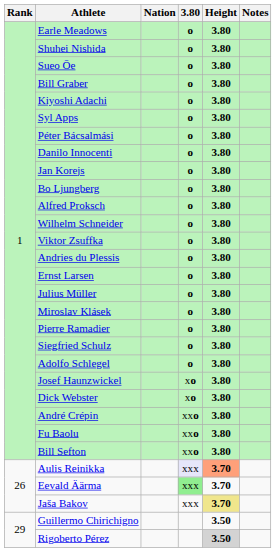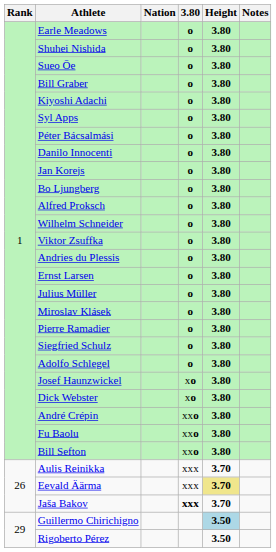 <table class="wikitable sortable" style="text-align:center">
 <tr>
 <th>Rank</th>
 <th>Athlete</th>
 <th>Nation</th>
 <th>3.80</th>
 <th>Height</th>
 <th>Notes</th>
 </tr>
 <tr bgcolor=bbf3bb>
 <td rowspan=25>1</td>
 <td align="left"><a href='#'>Earle Meadows</a></td>
 <td align="left"></td>
 <td><strong>o</strong></td>
 <td><strong>3.80</strong></td>
 <td></td>
 </tr>
 <tr bgcolor=bbf3bb>
 <td align="left"><a href='#'>Shuhei Nishida</a></td>
 <td align="left"></td>
 <td><strong>o</strong></td>
 <td><strong>3.80</strong></td>
 <td></td>
 </tr>
 <tr bgcolor=bbf3bb>
 <td align="left"><a href='#'>Sueo Ōe</a></td>
 <td align="left"></td>
 <td><strong>o</strong></td>
 <td><strong>3.80</strong></td>
 <td></td>
 </tr>
 <tr bgcolor=bbf3bb>
 <td align="left"><a href='#'>Bill Graber</a></td>
 <td align="left"></td>
 <td><strong>o</strong></td>
 <td><strong>3.80</strong></td>
 <td></td>
 </tr>
 <tr bgcolor=bbf3bb>
 <td align="left"><a href='#'>Kiyoshi Adachi</a></td>
 <td align="left"></td>
 <td><strong>o</strong></td>
 <td><strong>3.80</strong></td>
 <td></td>
 </tr>
 <tr bgcolor=bbf3bb>
 <td align="left"><a href='#'>Syl Apps</a></td>
 <td align="left"></td>
 <td><strong>o</strong></td>
 <td><strong>3.80</strong></td>
 <td></td>
 </tr>
 <tr bgcolor=bbf3bb>
 <td align="left"><a href='#'>Péter Bácsalmási</a></td>
 <td align="left"></td>
 <td><strong>o</strong></td>
 <td><strong>3.80</strong></td>
 <td></td>
 </tr>
 <tr bgcolor=bbf3bb>
 <td align="left"><a href='#'>Danilo Innocenti</a></td>
 <td align="left"></td>
 <td><strong>o</strong></td>
 <td><strong>3.80</strong></td>
 <td></td>
 </tr>
 <tr bgcolor=bbf3bb>
 <td align="left"><a href='#'>Jan Korejs</a></td>
 <td align="left"></td>
 <td><strong>o</strong></td>
 <td><strong>3.80</strong></td>
 <td></td>
 </tr>
 <tr bgcolor=bbf3bb>
 <td align="left"><a href='#'>Bo Ljungberg</a></td>
 <td align="left"></td>
 <td><strong>o</strong></td>
 <td><strong>3.80</strong></td>
 <td></td>
 </tr>
 <tr bgcolor=bbf3bb>
 <td align="left"><a href='#'>Alfred Proksch</a></td>
 <td align="left"></td>
 <td><strong>o</strong></td>
 <td><strong>3.80</strong></td>
 <td></td>
 </tr>
 <tr bgcolor=bbf3bb>
 <td align="left"><a href='#'>Wilhelm Schneider</a></td>
 <td align="left"></td>
 <td><strong>o</strong></td>
 <td><strong>3.80</strong></td>
 <td></td>
 </tr>
 <tr bgcolor=bbf3bb>
 <td align="left"><a href='#'>Viktor Zsuffka</a></td>
 <td align="left"></td>
 <td><strong>o</strong></td>
 <td><strong>3.80</strong></td>
 <td></td>
 </tr>
 <tr bgcolor=bbf3bb>
 <td align="left"><a href='#'>Andries du Plessis</a></td>
 <td align="left"></td>
 <td><strong>o</strong></td>
 <td><strong>3.80</strong></td>
 <td></td>
 </tr>
 <tr bgcolor=bbf3bb>
 <td align="left"><a href='#'>Ernst Larsen</a></td>
 <td align="left"></td>
 <td><strong>o</strong></td>
 <td><strong>3.80</strong></td>
 <td></td>
 </tr>
 <tr bgcolor=bbf3bb>
 <td align="left"><a href='#'>Julius Müller</a></td>
 <td align="left"></td>
 <td><strong>o</strong></td>
 <td><strong>3.80</strong></td>
 <td></td>
 </tr>
 <tr bgcolor=bbf3bb>
 <td align="left"><a href='#'>Miroslav Klásek</a></td>
 <td align="left"></td>
 <td><strong>o</strong></td>
 <td><strong>3.80</strong></td>
 <td></td>
 </tr>
 <tr bgcolor=bbf3bb>
 <td align="left"><a href='#'>Pierre Ramadier</a></td>
 <td align="left"></td>
 <td><strong>o</strong></td>
 <td><strong>3.80</strong></td>
 <td></td>
 </tr>
 <tr bgcolor=bbf3bb>
 <td align="left"><a href='#'>Siegfried Schulz</a></td>
 <td align="left"></td>
 <td><strong>o</strong></td>
 <td><strong>3.80</strong></td>
 <td></td>
 </tr>
 <tr bgcolor=bbf3bb>
 <td align="left"><a href='#'>Adolfo Schlegel</a></td>
 <td align="left"></td>
 <td><strong>o</strong></td>
 <td><strong>3.80</strong></td>
 <td></td>
 </tr>
 <tr bgcolor=bbf3bb>
 <td align="left"><a href='#'>Josef Haunzwickel</a></td>
 <td align="left"></td>
 <td>x<strong>o</strong></td>
 <td><strong>3.80</strong></td>
 <td></td>
 </tr>
 <tr bgcolor=bbf3bb>
 <td align="left"><a href='#'>Dick Webster</a></td>
 <td align="left"></td>
 <td>x<strong>o</strong></td>
 <td><strong>3.80</strong></td>
 <td></td>
 </tr>
 <tr bgcolor=bbf3bb>
 <td align="left"><a href='#'>André Crépin</a></td>
 <td align="left"></td>
 <td>xx<strong>o</strong></td>
 <td><strong>3.80</strong></td>
 <td></td>
 </tr>
 <tr bgcolor=bbf3bb>
 <td align="left"><a href='#'>Fu Baolu</a></td>
 <td align="left"></td>
 <td>xx<strong>o</strong></td>
 <td><strong>3.80</strong></td>
 <td></td>
 </tr>
 <tr bgcolor=bbf3bb>
 <td align="left"><a href='#'>Bill Sefton</a></td>
 <td align="left"></td>
 <td>xx<strong>o</strong></td>
 <td><strong>3.80</strong></td>
 <td></td>
 </tr>
 <tr>
 <td rowspan=3>26</td>
 <td align="left"><a href='#'>Aulis Reinikka</a></td>
 <td align="left"></td>
-<td style="background: lavender;">xxx</td>
-<td style="background: lightsalmon;"><strong>3.70</strong></td>
+<td>xxx</td>
+<td><strong>3.70</strong></td>
 <td></td>
 </tr>
 <tr>
 <td align="left"><a href='#'>Eevald Äärma</a></td>
 <td align="left"></td>
-<td style="background: lightgreen;">xxx</td>
-<td><strong>3.70</strong></td>
+<td>xxx</td>
+<td style="background: khaki;"><strong>3.70</strong></td>
 <td></td>
 </tr>
 <tr>
 <td align="left"><a href='#'>Jaša Bakov</a></td>
 <td align="left"></td>
-<td>xxx</td>
-<td style="background: khaki;"><strong>3.70</strong></td>
+<td><strong>xxx</strong></td>
+<td><strong>3.70</strong></td>
 <td></td>
 </tr>
 <tr>
 <td rowspan=2>29</td>
 <td align="left"><a href='#'>Guillermo Chirichigno</a></td>
 <td align="left"></td>
 <td></td>
-<td><strong>3.50</strong></td>
+<td style="background: lightblue;"><strong>3.50</strong></td>
 <td></td>
 </tr>
 <tr>
 <td align="left"><a href='#'>Rigoberto Pérez</a></td>
 <td align="left"></td>
 <td></td>
-<td style="background: lightgrey;"><strong>3.50</strong></td>
+<td><strong>3.50</strong></td>
 <td></td>
 </tr>
 </table>
